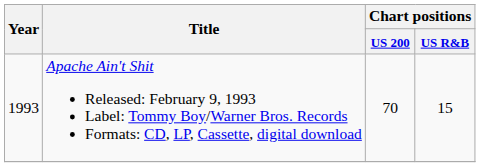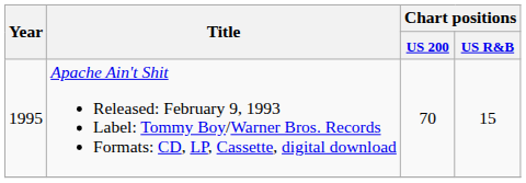 <table class="wikitable">
 <tr>
 <th rowspan="2">Year</th>
 <th rowspan="2">Title</th>
 <th colspan="2">Chart positions</th>
 </tr>
 <tr>
 <th><small><a href='#'>US 200</a></small></th>
 <th><small><a href='#'>US R&B</a></small></th>
 </tr>
 <tr>
-<td>1993</td>
+<td>1995</td>
 <td><em><a href='#'>Apache Ain't Shit</a></em><br><ul><li>Released: February 9, 1993</li><li>Label: <a href='#'>Tommy Boy</a>/<a href='#'>Warner Bros. Records</a></li><li>Formats: <a href='#'>CD</a>, <a href='#'>LP</a>, <a href='#'>Cassette</a>, <a href='#'>digital download</a></li></ul></td>
 <td align="center">70</td>
 <td align="center">15</td>
 </tr>
 <tr>
 </tr>
 </table>
